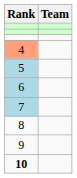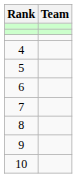 <table class="wikitable" style="text-align: center">
 <tr>
 <th>Rank</th>
 <th>Team</th>
 </tr>
 <tr bgcolor=#ccffcc>
 <td></td>
 <td align=left></td>
 </tr>
 <tr bgcolor=#ccffcc>
 <td></td>
 <td align=left></td>
 </tr>
 <tr>
 <td></td>
 <td align=left></td>
 </tr>
 <tr>
-<td style="background: lightsalmon;">4</td>
+<td>4</td>
 <td align=left></td>
 </tr>
 <tr>
-<td style="background: lightblue;">5</td>
+<td>5</td>
 <td align=left></td>
 </tr>
 <tr>
-<td style="background: lightblue;">6</td>
+<td>6</td>
 <td align=left></td>
 </tr>
 <tr>
-<td style="background: lightblue;">7</td>
+<td>7</td>
 <td align=left></td>
 </tr>
 <tr>
 <td>8</td>
 <td align=left></td>
 </tr>
 <tr>
 <td>9</td>
 <td align=left></td>
 </tr>
 <tr>
-<td><strong>10</strong></td>
+<td>10</td>
 <td align=left></td>
 </tr>
 </table>
